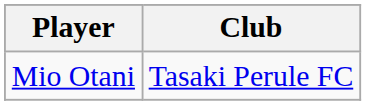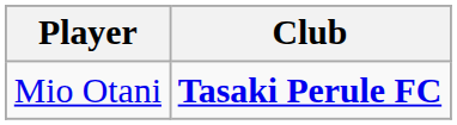 <table class="wikitable">
 <tr>
 <th>Player</th>
 <th>Club</th>
 </tr>
 <tr>
 <td> <a href='#'>Mio Otani</a></td>
-<td><a href='#'>Tasaki Perule FC</a></td>
+<td><strong><a href='#'>Tasaki Perule FC</a></strong></td>
 </tr>
 </table>
